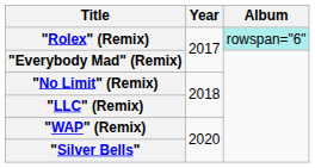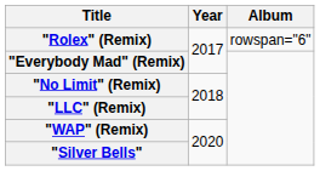 <table class="wikitable plainrowheaders">
 <tr>
 <th>Title</th>
 <th>Year</th>
 <th>Album</th>
 </tr>
 <tr>
 <th scope="row">"<a href='#'>Rolex</a>" (Remix)</th>
 <td rowspan="2">2017</td>
-<td style="background: paleturquoise;">rowspan="6" </td>
+<td>rowspan="6" </td>
 </tr>
 <tr>
 <th scope="row">"Everybody Mad" (Remix)</th>
 </tr>
 <tr>
 <th scope="row">"<a href='#'>No Limit</a>" (Remix)</th>
 <td rowspan="2">2018</td>
 </tr>
 <tr>
 <th scope="row">"<a href='#'>LLC</a>" (Remix)</th>
 </tr>
 <tr>
 <th scope="row">"<a href='#'>WAP</a>" (Remix)</th>
 <td rowspan="2">2020</td>
 </tr>
 <tr>
 <th scope="row">"<a href='#'>Silver Bells</a>"</th>
 </tr>
 </table>
